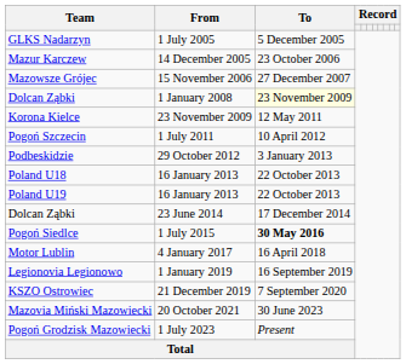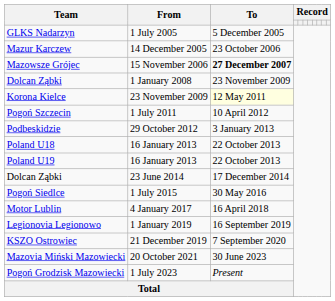 <table class="wikitable" style="text-align: center;">
 <tr>
 <th rowspan="2">Team</th>
 <th rowspan="2">From</th>
 <th rowspan="2">To</th>
 <th colspan="8">Record</th>
 </tr>
 <tr>
 <th></th>
 <th></th>
 <th></th>
 <th></th>
 <th></th>
 <th></th>
 <th></th>
 <th></th>
 </tr>
 <tr>
 <td align=left><a href='#'>GLKS Nadarzyn</a></td>
 <td align=left>1 July 2005</td>
 <td align=left>5 December 2005<br></td>
 </tr>
 <tr>
 <td align=left><a href='#'>Mazur Karczew</a></td>
 <td align=left>14 December 2005</td>
 <td align=left>23 October 2006<br></td>
 </tr>
 <tr>
 <td align=left><a href='#'>Mazowsze Grójec</a></td>
 <td align=left>15 November 2006</td>
-<td align=left>27 December 2007<br></td>
+<td align=left><strong>27 December 2007<br></strong></td>
 </tr>
 <tr>
 <td align=left><a href='#'>Dolcan Ząbki</a></td>
 <td align=left>1 January 2008</td>
-<td align=left style="background: lightyellow;">23 November 2009<br></td>
+<td align=left>23 November 2009<br></td>
 </tr>
 <tr>
 <td align=left><a href='#'>Korona Kielce</a></td>
 <td align=left>23 November 2009</td>
-<td align=left>12 May 2011<br></td>
+<td align=left style="background: lightyellow;">12 May 2011<br></td>
 </tr>
 <tr>
 <td align=left><a href='#'>Pogoń Szczecin</a></td>
 <td align=left>1 July 2011</td>
 <td align=left>10 April 2012<br></td>
 </tr>
 <tr>
 <td align=left><a href='#'>Podbeskidzie</a></td>
 <td align=left>29 October 2012</td>
 <td align=left>3 January 2013<br></td>
 </tr>
 <tr>
 <td align=left><a href='#'>Poland U18</a></td>
 <td align=left>16 January 2013</td>
 <td align=left>22 October 2013<br></td>
 </tr>
 <tr>
 <td align=left><a href='#'>Poland U19</a></td>
 <td align=left>16 January 2013</td>
 <td align=left>22 October 2013<br></td>
 </tr>
 <tr>
 <td align=left>Dolcan Ząbki</td>
 <td align=left>23 June 2014</td>
 <td align=left>17 December 2014<br></td>
 </tr>
 <tr>
 <td align=left><a href='#'>Pogoń Siedlce</a></td>
 <td align=left>1 July 2015</td>
-<td align=left><strong>30 May 2016<br></strong></td>
+<td align=left>30 May 2016<br></td>
 </tr>
 <tr>
 <td align=left><a href='#'>Motor Lublin</a></td>
 <td align=left>4 January 2017</td>
 <td align=left>16 April 2018<br></td>
 </tr>
 <tr>
 <td align=left><a href='#'>Legionovia Legionowo</a></td>
 <td align=left>1 January 2019</td>
 <td align=left>16 September 2019<br></td>
 </tr>
 <tr>
 <td align=left><a href='#'>KSZO Ostrowiec</a></td>
 <td align=left>21 December 2019</td>
 <td align=left>7 September 2020<br></td>
 </tr>
 <tr>
 <td align=left><a href='#'>Mazovia Miński Mazowiecki</a></td>
 <td align=left>20 October 2021</td>
 <td align=left>30 June 2023<br></td>
 </tr>
 <tr>
 <td align=left><a href='#'>Pogoń Grodzisk Mazowiecki</a></td>
 <td align=left>1 July 2023</td>
 <td align=left><em>Present</em><br></td>
 </tr>
 <tr>
 <th colspan="3">Total<br></th>
 </tr>
 </table>
